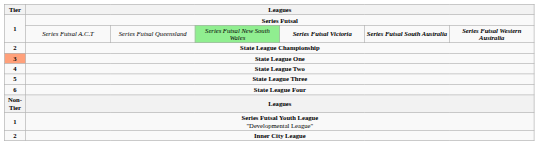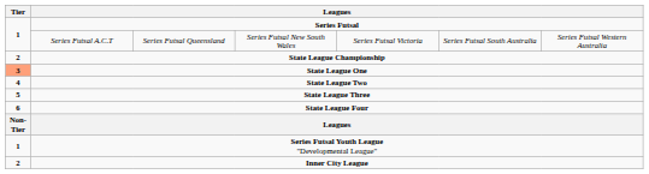 <table class="wikitable" style="text-align: center; font-size: 11px;" width="100%;">
 <tr>
 <th>Tier</th>
 <th colspan=6>Leagues</th>
 </tr>
 <tr>
 <td rowspan=2><strong>1</strong></td>
 <td colspan=6><strong>Series Futsal</strong></td>
 </tr>
 <tr>
 <td width="16%"><em>Series Futsal A.C.T</em></td>
 <td width="16%"><em>Series Futsal Queensland</em></td>
-<td width="16%" style="background: lightgreen;"><em>Series Futsal New South Wales</em></td>
-<td width="16%"><strong><em>Series Futsal Victoria</em></strong></td>
-<td width="16%"><strong><em>Series Futsal South Australia</em></strong></td>
-<td width="16%"><strong><em>Series Futsal Western Australia</em></strong></td>
+<td width="16%"><em>Series Futsal New South Wales</em></td>
+<td width="16%"><em>Series Futsal Victoria</em></td>
+<td width="16%"><em>Series Futsal South Australia</em></td>
+<td width="16%"><em>Series Futsal Western Australia</em></td>
 </tr>
 <tr>
 <td><strong>2</strong></td>
 <td colspan=6><strong>State League Championship</strong></td>
 </tr>
 <tr>
 <td style="background: lightsalmon;"><strong>3</strong></td>
 <td colspan=6><strong>State League One</strong></td>
 </tr>
 <tr>
 <td><strong>4</strong></td>
 <td colspan=6><strong>State League Two</strong></td>
 </tr>
 <tr>
 <td><strong>5</strong></td>
 <td colspan=6><strong>State League Three</strong></td>
 </tr>
 <tr>
 <td><strong>6</strong></td>
 <td colspan=6><strong>State League Four</strong></td>
 </tr>
 <tr>
 <th>Non-Tier</th>
 <th colspan=6>Leagues</th>
 </tr>
 <tr>
 <td><strong>1</strong></td>
 <td colspan=6><strong>Series Futsal Youth League</strong> <br> "Developmental League"</td>
 </tr>
 <tr>
 <td><strong>2</strong></td>
 <td colspan=6><strong>Inner City League</strong></td>
 </tr>
 </table>
